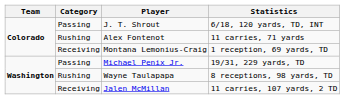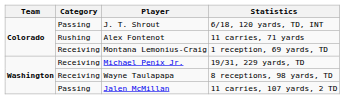 <table class="wikitable" style="float: right;">
 <tr>
 <th>Team</th>
 <th>Category</th>
 <th>Player</th>
 <th>Statistics</th>
 </tr>
 <tr>
 <td rowspan=3><strong>Colorado</strong></td>
 <td>Passing</td>
 <td>J. T. Shrout</td>
 <td>6/18, 120 yards, TD, INT</td>
 </tr>
 <tr>
 <td>Rushing</td>
 <td>Alex Fontenot</td>
 <td>11 carries, 71 yards</td>
 </tr>
 <tr>
 <td>Receiving</td>
 <td>Montana Lemonius-Craig</td>
 <td>1 reception, 69 yards, TD</td>
 </tr>
 <tr>
 <td rowspan=3><strong>Washington</strong></td>
-<td>Passing</td>
+<td>Receiving</td>
 <td><a href='#'>Michael Penix Jr.</a></td>
 <td>19/31, 229 yards, TD</td>
 </tr>
 <tr>
-<td>Rushing</td>
+<td>Receiving</td>
 <td>Wayne Taulapapa</td>
 <td>8 receptions, 98 yards, TD</td>
 </tr>
 <tr>
-<td>Receiving</td>
+<td>Passing</td>
 <td><a href='#'>Jalen McMillan</a></td>
 <td>11 carries, 107 yards, 2 TD</td>
 </tr>
 </table>
